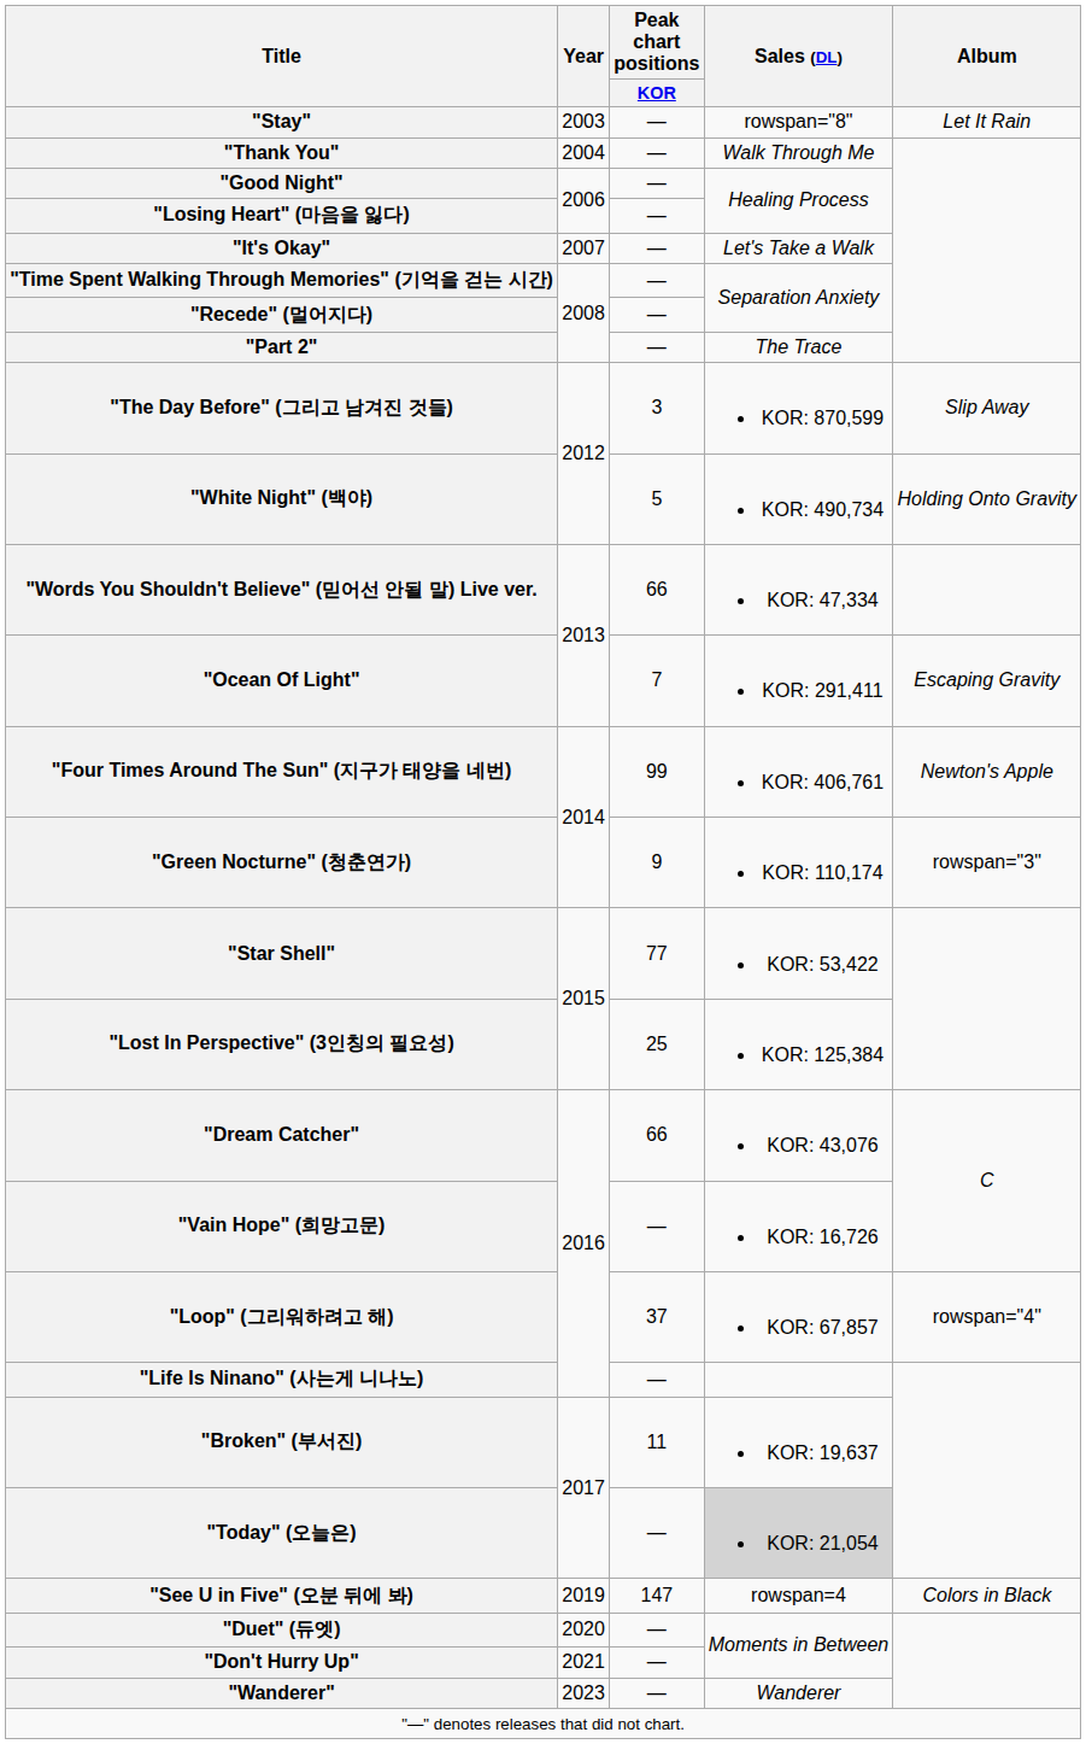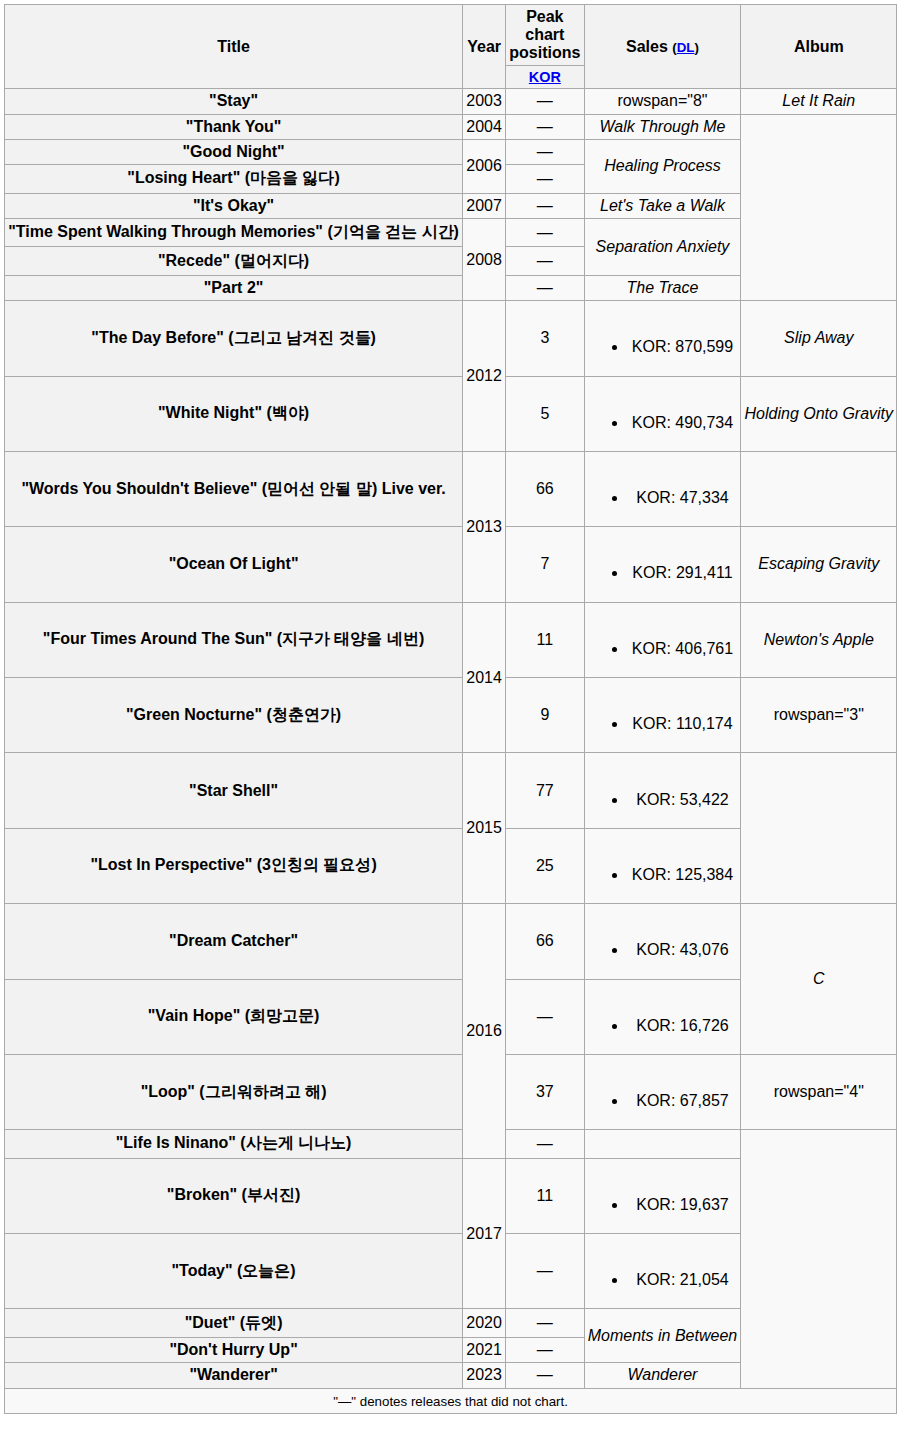 <table class="wikitable plainrowheaders" style="text-align:center;">
 <tr>
 <th scope="col" rowspan="2">Title</th>
 <th scope="col" rowspan="2">Year</th>
 <th scope="col" colspan="1">Peak chart positions</th>
 <th scope="col" rowspan="2">Sales <small>(<a href='#'>DL</a>)</small></th>
 <th scope="col" rowspan="2">Album</th>
 </tr>
 <tr>
 <th scope="col" style="width:3.5em;font-size:90%;"><a href='#'>KOR</a><br></th>
 </tr>
 <tr>
 <th scope="row">"Stay"</th>
 <td>2003</td>
 <td>—</td>
 <td>rowspan="8" </td>
 <td><em>Let It Rain</em></td>
 </tr>
 <tr>
 <th scope="row">"Thank You"</th>
 <td>2004</td>
 <td>—</td>
 <td><em>Walk Through Me</em></td>
 </tr>
 <tr>
 <th scope="row">"Good Night"</th>
 <td rowspan="2">2006</td>
 <td>—</td>
 <td rowspan="2"><em>Healing Process</em></td>
 </tr>
 <tr>
 <th scope="row">"Losing Heart" (마음을 잃다)</th>
 <td>—</td>
 </tr>
 <tr>
 <th scope="row">"It's Okay"</th>
 <td>2007</td>
 <td>—</td>
 <td><em>Let's Take a Walk</em></td>
 </tr>
 <tr>
 <th scope="row">"Time Spent Walking Through Memories" (기억을 걷는 시간)</th>
 <td rowspan="3">2008</td>
 <td>—</td>
 <td rowspan="2"><em>Separation Anxiety</em></td>
 </tr>
 <tr>
 <th scope="row">"Recede" (멀어지다)</th>
 <td>—</td>
 </tr>
 <tr>
 <th scope="row">"Part 2"</th>
 <td>—</td>
 <td><em>The Trace</em></td>
 </tr>
 <tr>
 <th scope="row">"The Day Before" (그리고 남겨진 것들)</th>
 <td rowspan="2">2012</td>
 <td>3</td>
 <td><br><ul><li>KOR: 870,599</li></ul></td>
 <td><em>Slip Away</em></td>
 </tr>
 <tr>
 <th scope="row">"White Night" (백야)</th>
 <td>5</td>
 <td><br><ul><li>KOR: 490,734</li></ul></td>
 <td><em>Holding Onto Gravity</em></td>
 </tr>
 <tr>
 <th scope="row">"Words You Shouldn't Believe" (믿어선 안될 말) Live ver.</th>
 <td rowspan="2">2013</td>
 <td>66</td>
 <td><br><ul><li>KOR: 47,334</li></ul></td>
 <td></td>
 </tr>
 <tr>
 <th scope="row">"Ocean Of Light"</th>
 <td>7</td>
 <td><br><ul><li>KOR: 291,411</li></ul></td>
 <td><em>Escaping Gravity</em></td>
 </tr>
 <tr>
 <th scope="row">"Four Times Around The Sun" (지구가 태양을 네번)</th>
 <td rowspan="2">2014</td>
-<td>99</td>
+<td>11</td>
 <td><br><ul><li>KOR: 406,761</li></ul></td>
 <td><em>Newton's Apple</em></td>
 </tr>
 <tr>
 <th scope="row">"Green Nocturne" (청춘연가)</th>
 <td>9</td>
 <td><br><ul><li>KOR: 110,174</li></ul></td>
 <td>rowspan="3" </td>
 </tr>
 <tr>
 <th scope="row">"Star Shell"</th>
 <td rowspan="2">2015</td>
 <td>77</td>
 <td><br><ul><li>KOR: 53,422</li></ul></td>
 </tr>
 <tr>
 <th scope="row">"Lost In Perspective" (3인칭의 필요성)</th>
 <td>25</td>
 <td><br><ul><li>KOR: 125,384</li></ul></td>
 </tr>
 <tr>
 <th scope="row">"Dream Catcher"</th>
 <td rowspan="4">2016</td>
 <td>66</td>
 <td><br><ul><li>KOR: 43,076</li></ul></td>
 <td rowspan="2"><em>C</em></td>
 </tr>
 <tr>
 <th scope="row">"Vain Hope" (희망고문)</th>
 <td>—</td>
 <td><br><ul><li>KOR: 16,726</li></ul></td>
 </tr>
 <tr>
 <th scope="row">"Loop" (그리워하려고 해)</th>
 <td>37</td>
 <td><br><ul><li>KOR: 67,857</li></ul></td>
 <td>rowspan="4" </td>
 </tr>
 <tr>
 <th scope="row">"Life Is Ninano" (사는게 니나노)</th>
 <td>—</td>
 <td></td>
 </tr>
 <tr>
 <th scope="row">"Broken" (부서진)</th>
 <td rowspan="2">2017</td>
 <td>11</td>
 <td><br><ul><li>KOR: 19,637</li></ul></td>
 </tr>
 <tr>
 <th scope="row">"Today" (오늘은)</th>
 <td>—</td>
-<td style="background: lightgrey;"><br><ul><li>KOR: 21,054</li></ul></td>
-</tr>
-<tr>
-<th scope="row">"See U in Five" (오분 뒤에 봐)</th>
-<td>2019</td>
-<td>147</td>
-<td>rowspan=4 </td>
-<td><em>Colors in Black</em></td>
+<td><br><ul><li>KOR: 21,054</li></ul></td>
 </tr>
 <tr>
 <th scope="row">"Duet" (듀엣)</th>
 <td>2020</td>
 <td>—</td>
 <td rowspan="2"><em>Moments in Between</em></td>
 </tr>
 <tr>
 <th scope="row">"Don't Hurry Up"</th>
 <td>2021</td>
 <td>—</td>
 </tr>
 <tr>
 <th scope="row">"Wanderer"</th>
 <td>2023</td>
 <td>—</td>
 <td><em>Wanderer</em></td>
 </tr>
 <tr>
 <td colspan="5" align="center"><small>"—" denotes releases that did not chart.</small></td>
 </tr>
 </table>
